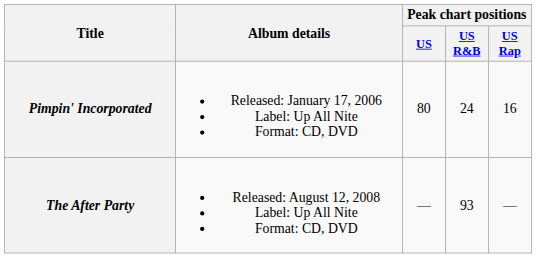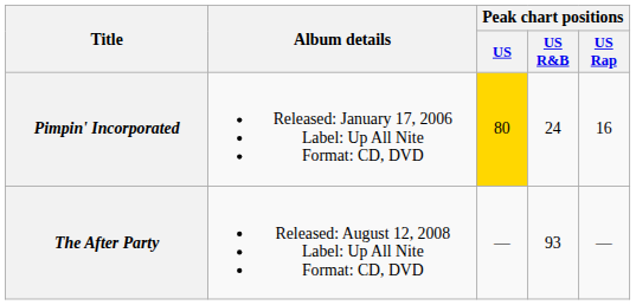 <table class="wikitable plainrowheaders" style="text-align:center;">
 <tr>
 <th rowspan="2" scope="col" style="width:12em;">Title</th>
 <th rowspan="2" scope="col" style="width:16em;">Album details</th>
 <th colspan="3" scope="col">Peak chart positions</th>
 </tr>
 <tr>
 <th scope="col" style="width:3em;font-size:90%;"><a href='#'>US</a></th>
 <th scope="col" style="width:3em;font-size:90%;"><a href='#'>US R&B</a></th>
 <th scope="col" style="width:3em;font-size:90%;"><a href='#'>US<br>Rap</a></th>
 </tr>
 <tr>
 <th scope="row"><em>Pimpin' Incorporated</em></th>
 <td><br><ul><li>Released: January 17, 2006</li><li>Label: Up All Nite</li><li>Format: CD, DVD</li></ul></td>
-<td>80</td>
+<td style="background: gold;">80</td>
 <td>24</td>
 <td>16</td>
 </tr>
 <tr>
 <th scope="row"><em>The After Party</em></th>
 <td><br><ul><li>Released: August 12, 2008</li><li>Label: Up All Nite</li><li>Format: CD, DVD</li></ul></td>
 <td>—</td>
 <td>93</td>
 <td>—</td>
 </tr>
 </table>
